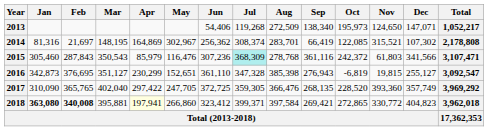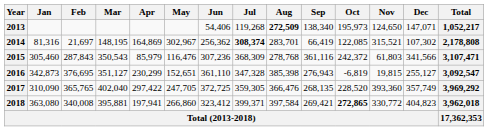 <table class=wikitable style="text-align:right; font-size:0.9em;">
 <tr>
 <th>Year</th>
 <th>Jan</th>
 <th>Feb</th>
 <th>Mar</th>
 <th>Apr</th>
 <th>May</th>
 <th>Jun</th>
 <th>Jul</th>
 <th>Aug</th>
 <th>Sep</th>
 <th>Oct</th>
 <th>Nov</th>
 <th>Dec</th>
 <th>Total</th>
 </tr>
 <tr>
 <th>2013</th>
 <td></td>
 <td></td>
 <td></td>
 <td></td>
 <td></td>
 <td>54,406</td>
 <td>119,268</td>
-<td>272,509</td>
+<td><strong>272,509</strong></td>
 <td>138,340</td>
 <td>195,973</td>
 <td>124,650</td>
 <td>147,071</td>
 <th>1,052,217</th>
 </tr>
 <tr>
 <th>2014</th>
 <td>81,316</td>
 <td>21,697</td>
 <td>148,195</td>
 <td>164,869</td>
 <td>302,967</td>
 <td>256,362</td>
-<td>308,374</td>
+<td><strong>308,374</strong></td>
 <td>283,701</td>
 <td>66,419</td>
 <td>122,085</td>
 <td>315,521</td>
 <td>107,302</td>
 <th>2,178,808</th>
 </tr>
 <tr>
 <th>2015</th>
 <td>305,460</td>
 <td>287,843</td>
 <td>350,543</td>
 <td>85,979</td>
 <td>116,476</td>
 <td>307,236</td>
-<td style="background: paleturquoise;">368,309</td>
+<td>368,309</td>
 <td>278,768</td>
 <td>361,116</td>
 <td>242,372</td>
 <td>61,803</td>
 <td>341,566</td>
 <th>3,107,471</th>
 </tr>
 <tr>
 <th>2016</th>
 <td>342,873</td>
 <td>376,695</td>
 <td>351,127</td>
 <td>230,299</td>
 <td>152,651</td>
 <td>361,110</td>
 <td>347,328</td>
 <td>385,398</td>
 <td>276,943</td>
 <td>-6,819</td>
 <td>19,815</td>
 <td>255,127</td>
 <th>3,092,547</th>
 </tr>
 <tr>
 <th>2017</th>
 <td>310,090</td>
 <td>365,765</td>
 <td>402,040</td>
 <td>297,422</td>
 <td>247,705</td>
 <td>372,725</td>
 <td>359,305</td>
 <td>366,476</td>
 <td>268,135</td>
 <td>228,520</td>
 <td>393,360</td>
 <td>357,749</td>
 <th>3,969,292</th>
 </tr>
 <tr>
 <th>2018</th>
-<td><strong>363,080</strong></td>
-<td><strong>340,008</strong></td>
+<td>363,080</td>
+<td>340,008</td>
 <td>395,881</td>
-<td style="background: lightyellow;">197,941</td>
+<td>197,941</td>
 <td>266,860</td>
 <td>323,412</td>
 <td>399,371</td>
 <td>397,584</td>
 <td>269,421</td>
-<td>272,865</td>
+<td><strong>272,865</strong></td>
 <td>330,772</td>
 <td>404,823</td>
 <th>3,962,018</th>
 </tr>
 <tr>
 <th colspan=13>Total (2013-2018)</th>
 <th>17,362,353</th>
 </tr>
 </table>
